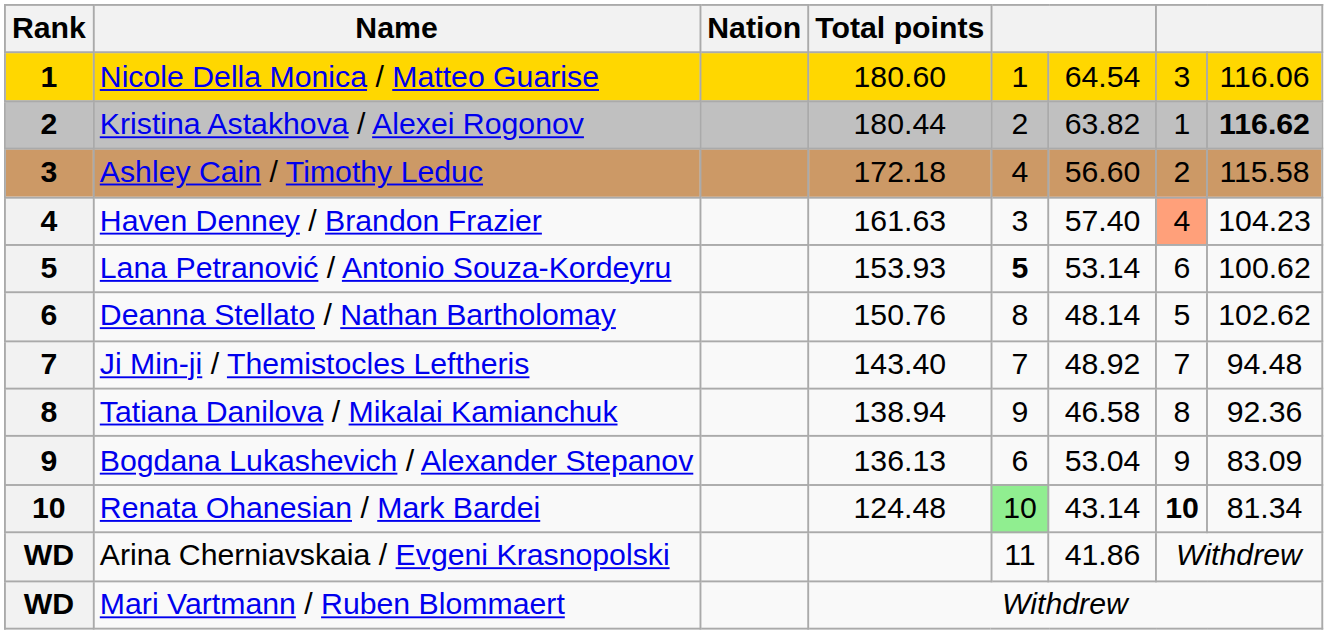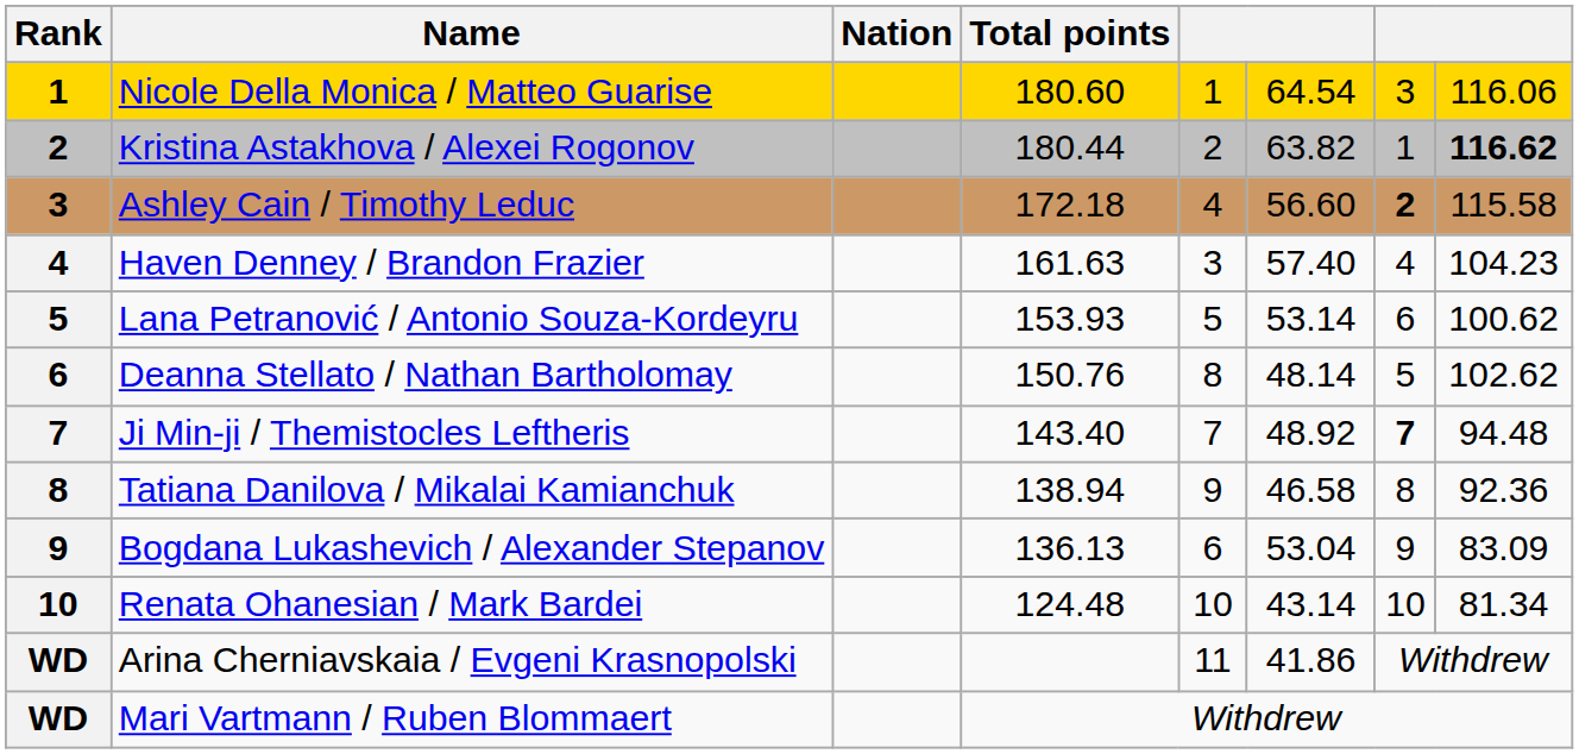 <table class="wikitable sortable">
 <tr>
 <th>Rank</th>
 <th>Name</th>
 <th>Nation</th>
 <th>Total points</th>
 <th colspan="2" width="80px"></th>
 <th colspan="2" width="80px"></th>
 </tr>
 <tr bgcolor="gold">
 <td align="center"><strong>1</strong></td>
 <td><a href='#'>Nicole Della Monica</a> / <a href='#'>Matteo Guarise</a></td>
 <td></td>
 <td align="center">180.60</td>
 <td align="center">1</td>
 <td align="center">64.54</td>
 <td align="center">3</td>
 <td align="center">116.06</td>
 </tr>
 <tr bgcolor="silver">
 <td align="center"><strong>2</strong></td>
 <td><a href='#'>Kristina Astakhova</a> / <a href='#'>Alexei Rogonov</a></td>
 <td></td>
 <td align="center">180.44</td>
 <td align="center">2</td>
 <td align="center">63.82</td>
 <td align="center">1</td>
 <td align="center"><strong>116.62</strong></td>
 </tr>
 <tr bgcolor="cc9966">
 <td align="center"><strong>3</strong></td>
 <td><a href='#'>Ashley Cain</a> / <a href='#'>Timothy Leduc</a></td>
 <td></td>
 <td align="center">172.18</td>
 <td align="center">4</td>
 <td align="center">56.60</td>
-<td align="center">2</td>
+<td align="center"><strong>2</strong></td>
 <td align="center">115.58</td>
 </tr>
 <tr>
 <th>4</th>
 <td><a href='#'>Haven Denney</a> / <a href='#'>Brandon Frazier</a></td>
 <td></td>
 <td align="center">161.63</td>
 <td align="center">3</td>
 <td align="center">57.40</td>
-<td align="center" style="background: lightsalmon;">4</td>
+<td align="center">4</td>
 <td align="center">104.23</td>
 </tr>
 <tr>
 <th>5</th>
 <td><a href='#'>Lana Petranović</a> / <a href='#'>Antonio Souza-Kordeyru</a></td>
 <td></td>
 <td align="center">153.93</td>
-<td align="center"><strong>5</strong></td>
+<td align="center">5</td>
 <td align="center">53.14</td>
 <td align="center">6</td>
 <td align="center">100.62</td>
 </tr>
 <tr>
 <th>6</th>
 <td><a href='#'>Deanna Stellato</a> / <a href='#'>Nathan Bartholomay</a></td>
 <td></td>
 <td align="center">150.76</td>
 <td align="center">8</td>
 <td align="center">48.14</td>
 <td align="center">5</td>
 <td align="center">102.62</td>
 </tr>
 <tr>
 <th>7</th>
 <td><a href='#'>Ji Min-ji</a> / <a href='#'>Themistocles Leftheris</a></td>
 <td></td>
 <td align="center">143.40</td>
 <td align="center">7</td>
 <td align="center">48.92</td>
-<td align="center">7</td>
+<td align="center"><strong>7</strong></td>
 <td align="center">94.48</td>
 </tr>
 <tr>
 <th>8</th>
 <td><a href='#'>Tatiana Danilova</a> / <a href='#'>Mikalai Kamianchuk</a></td>
 <td></td>
 <td align="center">138.94</td>
 <td align="center">9</td>
 <td align="center">46.58</td>
 <td align="center">8</td>
 <td align="center">92.36</td>
 </tr>
 <tr>
 <th>9</th>
 <td><a href='#'>Bogdana Lukashevich</a> / <a href='#'>Alexander Stepanov</a></td>
 <td></td>
 <td align="center">136.13</td>
 <td align="center">6</td>
 <td align="center">53.04</td>
 <td align="center">9</td>
 <td align="center">83.09</td>
 </tr>
 <tr>
 <th>10</th>
 <td><a href='#'>Renata Ohanesian</a> / <a href='#'>Mark Bardei</a></td>
 <td></td>
 <td align="center">124.48</td>
-<td align="center" style="background: lightgreen;">10</td>
+<td align="center">10</td>
 <td align="center">43.14</td>
-<td align="center"><strong>10</strong></td>
+<td align="center">10</td>
 <td align="center">81.34</td>
 </tr>
 <tr>
 <th>WD</th>
 <td>Arina Cherniavskaia / <a href='#'>Evgeni Krasnopolski</a></td>
 <td></td>
 <td></td>
 <td align="center">11</td>
 <td align="center">41.86</td>
 <td colspan="2" align="center"><em>Withdrew</em></td>
 </tr>
 <tr>
 <th>WD</th>
 <td><a href='#'>Mari Vartmann</a> / <a href='#'>Ruben Blommaert</a></td>
 <td></td>
 <td colspan="5" align="center"><em>Withdrew</em></td>
 </tr>
 </table>
